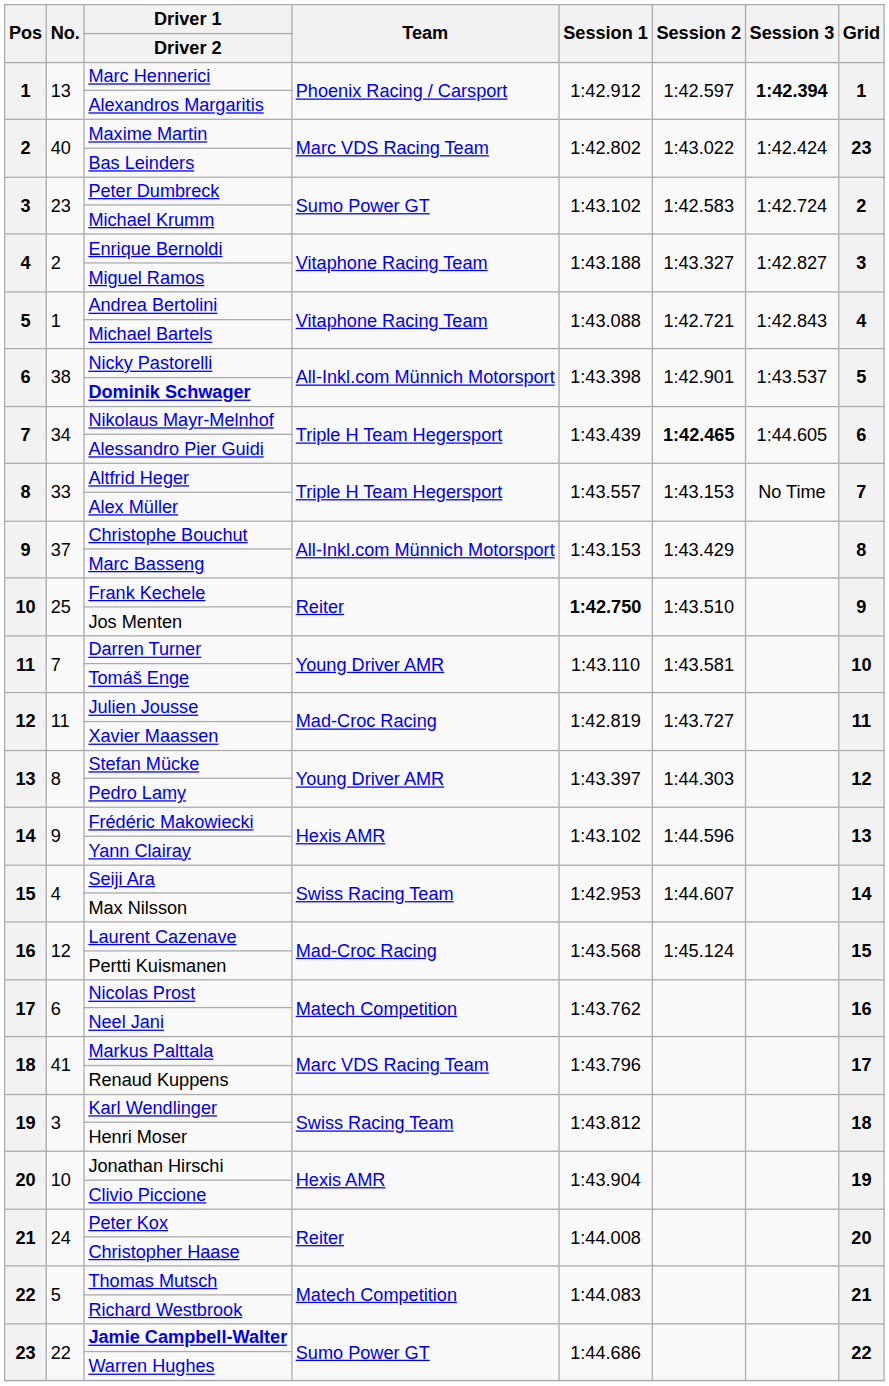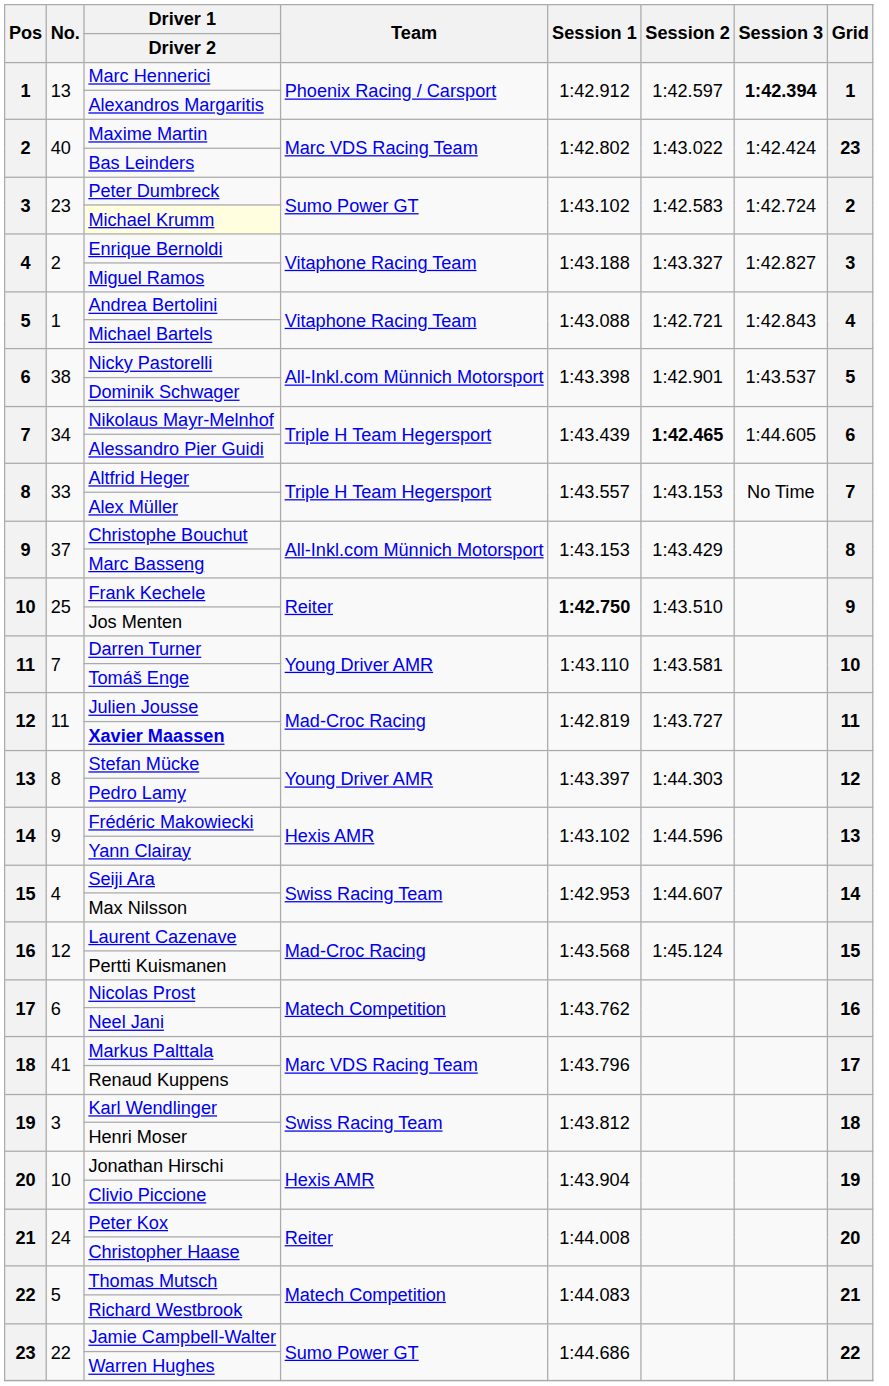 <table class="wikitable" style="font-size: 90%;">
 <tr>
 <th rowspan=2>Pos</th>
 <th rowspan=2>No.</th>
 <th>Driver 1</th>
 <th rowspan=2>Team</th>
 <th rowspan=2>Session 1</th>
 <th rowspan=2>Session 2</th>
 <th rowspan=2>Session 3</th>
 <th rowspan=2>Grid</th>
 </tr>
 <tr>
 <th>Driver 2</th>
 </tr>
 <tr>
 <th rowspan=2>1</th>
 <td rowspan=2>13</td>
 <td> <a href='#'>Marc Hennerici</a></td>
 <td rowspan=2> <a href='#'>Phoenix Racing / Carsport</a></td>
 <td rowspan=2 align="center">1:42.912</td>
 <td rowspan=2 align="center">1:42.597</td>
 <td rowspan=2 align="center"><strong>1:42.394</strong></td>
 <th rowspan=2>1</th>
 </tr>
 <tr>
 <td> <a href='#'>Alexandros Margaritis</a></td>
 </tr>
 <tr>
 <th rowspan=2>2</th>
 <td rowspan=2>40</td>
 <td> <a href='#'>Maxime Martin</a></td>
 <td rowspan=2> <a href='#'>Marc VDS Racing Team</a></td>
 <td rowspan=2 align="center">1:42.802</td>
 <td rowspan=2 align="center">1:43.022</td>
 <td rowspan=2 align="center">1:42.424</td>
 <th rowspan=2>23</th>
 </tr>
 <tr>
 <td> <a href='#'>Bas Leinders</a></td>
 </tr>
 <tr>
 <th rowspan=2>3</th>
 <td rowspan=2>23</td>
 <td> <a href='#'>Peter Dumbreck</a></td>
 <td rowspan=2> <a href='#'>Sumo Power GT</a></td>
 <td rowspan=2 align="center">1:43.102</td>
 <td rowspan=2 align="center">1:42.583</td>
 <td rowspan=2 align="center">1:42.724</td>
 <th rowspan=2>2</th>
 </tr>
 <tr>
-<td> <a href='#'>Michael Krumm</a></td>
+<td style="background: lightyellow;"> <a href='#'>Michael Krumm</a></td>
 </tr>
 <tr>
 <th rowspan=2>4</th>
 <td rowspan=2>2</td>
 <td> <a href='#'>Enrique Bernoldi</a></td>
 <td rowspan=2> <a href='#'>Vitaphone Racing Team</a></td>
 <td rowspan=2 align="center">1:43.188</td>
 <td rowspan=2 align="center">1:43.327</td>
 <td rowspan=2 align="center">1:42.827</td>
 <th rowspan=2>3</th>
 </tr>
 <tr>
 <td> <a href='#'>Miguel Ramos</a></td>
 </tr>
 <tr>
 <th rowspan=2>5</th>
 <td rowspan=2>1</td>
 <td> <a href='#'>Andrea Bertolini</a></td>
 <td rowspan=2> <a href='#'>Vitaphone Racing Team</a></td>
 <td rowspan=2 align="center">1:43.088</td>
 <td rowspan=2 align="center">1:42.721</td>
 <td rowspan=2 align="center">1:42.843</td>
 <th rowspan=2>4</th>
 </tr>
 <tr>
 <td> <a href='#'>Michael Bartels</a></td>
 </tr>
 <tr>
 <th rowspan=2>6</th>
 <td rowspan=2>38</td>
 <td> <a href='#'>Nicky Pastorelli</a></td>
 <td rowspan=2> <a href='#'>All-Inkl.com Münnich Motorsport</a></td>
 <td rowspan=2 align="center">1:43.398</td>
 <td rowspan=2 align="center">1:42.901</td>
 <td rowspan=2 align="center">1:43.537</td>
 <th rowspan=2>5</th>
 </tr>
 <tr>
-<td><strong> <a href='#'>Dominik Schwager</a></strong></td>
+<td> <a href='#'>Dominik Schwager</a></td>
 </tr>
 <tr>
 <th rowspan=2>7</th>
 <td rowspan=2>34</td>
 <td> <a href='#'>Nikolaus Mayr-Melnhof</a></td>
 <td rowspan=2> <a href='#'>Triple H Team Hegersport</a></td>
 <td rowspan=2 align="center">1:43.439</td>
 <td rowspan=2 align="center"><strong>1:42.465</strong></td>
 <td rowspan=2 align="center">1:44.605</td>
 <th rowspan=2>6</th>
 </tr>
 <tr>
 <td> <a href='#'>Alessandro Pier Guidi</a></td>
 </tr>
 <tr>
 <th rowspan=2>8</th>
 <td rowspan=2>33</td>
 <td> <a href='#'>Altfrid Heger</a></td>
 <td rowspan=2> <a href='#'>Triple H Team Hegersport</a></td>
 <td rowspan=2 align="center">1:43.557</td>
 <td rowspan=2 align="center">1:43.153</td>
 <td rowspan=2 align="center">No Time</td>
 <th rowspan=2>7</th>
 </tr>
 <tr>
 <td> <a href='#'>Alex Müller</a></td>
 </tr>
 <tr>
 <th rowspan=2>9</th>
 <td rowspan=2>37</td>
 <td> <a href='#'>Christophe Bouchut</a></td>
 <td rowspan=2> <a href='#'>All-Inkl.com Münnich Motorsport</a></td>
 <td rowspan=2 align="center">1:43.153</td>
 <td rowspan=2 align="center">1:43.429</td>
 <td rowspan=2 align="center"></td>
 <th rowspan=2>8</th>
 </tr>
 <tr>
 <td> <a href='#'>Marc Basseng</a></td>
 </tr>
 <tr>
 <th rowspan=2>10</th>
 <td rowspan=2>25</td>
 <td> <a href='#'>Frank Kechele</a></td>
 <td rowspan=2> <a href='#'>Reiter</a></td>
 <td rowspan=2 align="center"><strong>1:42.750</strong></td>
 <td rowspan=2 align="center">1:43.510</td>
 <td rowspan=2 align="center"></td>
 <th rowspan=2>9</th>
 </tr>
 <tr>
 <td> Jos Menten</td>
 </tr>
 <tr>
 <th rowspan=2>11</th>
 <td rowspan=2>7</td>
 <td> <a href='#'>Darren Turner</a></td>
 <td rowspan=2> <a href='#'>Young Driver AMR</a></td>
 <td rowspan=2 align="center">1:43.110</td>
 <td rowspan=2 align="center">1:43.581</td>
 <td rowspan=2 align="center"></td>
 <th rowspan=2>10</th>
 </tr>
 <tr>
 <td> <a href='#'>Tomáš Enge</a></td>
 </tr>
 <tr>
 <th rowspan=2>12</th>
 <td rowspan=2>11</td>
 <td> <a href='#'>Julien Jousse</a></td>
 <td rowspan=2> <a href='#'>Mad-Croc Racing</a></td>
 <td rowspan=2 align="center">1:42.819</td>
 <td rowspan=2 align="center">1:43.727</td>
 <td rowspan=2 align="center"></td>
 <th rowspan=2>11</th>
 </tr>
 <tr>
-<td> <a href='#'>Xavier Maassen</a></td>
+<td><strong> <a href='#'>Xavier Maassen</a></strong></td>
 </tr>
 <tr>
 <th rowspan=2>13</th>
 <td rowspan=2>8</td>
 <td> <a href='#'>Stefan Mücke</a></td>
 <td rowspan=2> <a href='#'>Young Driver AMR</a></td>
 <td rowspan=2 align="center">1:43.397</td>
 <td rowspan=2 align="center">1:44.303</td>
 <td rowspan=2 align="center"></td>
 <th rowspan=2>12</th>
 </tr>
 <tr>
 <td> <a href='#'>Pedro Lamy</a></td>
 </tr>
 <tr>
 <th rowspan=2>14</th>
 <td rowspan=2>9</td>
 <td> <a href='#'>Frédéric Makowiecki</a></td>
 <td rowspan=2> <a href='#'>Hexis AMR</a></td>
 <td rowspan=2 align="center">1:43.102</td>
 <td rowspan=2 align="center">1:44.596</td>
 <td rowspan=2 align="center"></td>
 <th rowspan=2>13</th>
 </tr>
 <tr>
 <td> <a href='#'>Yann Clairay</a></td>
 </tr>
 <tr>
 <th rowspan=2>15</th>
 <td rowspan=2>4</td>
 <td> <a href='#'>Seiji Ara</a></td>
 <td rowspan=2> <a href='#'>Swiss Racing Team</a></td>
 <td rowspan=2 align="center">1:42.953</td>
 <td rowspan=2 align="center">1:44.607</td>
 <td rowspan=2 align="center"></td>
 <th rowspan=2>14</th>
 </tr>
 <tr>
 <td> Max Nilsson</td>
 </tr>
 <tr>
 <th rowspan=2>16</th>
 <td rowspan=2>12</td>
 <td> <a href='#'>Laurent Cazenave</a></td>
 <td rowspan=2> <a href='#'>Mad-Croc Racing</a></td>
 <td rowspan=2 align="center">1:43.568</td>
 <td rowspan=2 align="center">1:45.124</td>
 <td rowspan=2 align="center"></td>
 <th rowspan=2>15</th>
 </tr>
 <tr>
 <td> Pertti Kuismanen</td>
 </tr>
 <tr>
 <th rowspan=2>17</th>
 <td rowspan=2>6</td>
 <td> <a href='#'>Nicolas Prost</a></td>
 <td rowspan=2> <a href='#'>Matech Competition</a></td>
 <td rowspan=2 align="center">1:43.762</td>
 <td rowspan=2 align="center"></td>
 <td rowspan=2 align="center"></td>
 <th rowspan=2>16</th>
 </tr>
 <tr>
 <td> <a href='#'>Neel Jani</a></td>
 </tr>
 <tr>
 <th rowspan=2>18</th>
 <td rowspan=2>41</td>
 <td> <a href='#'>Markus Palttala</a></td>
 <td rowspan=2> <a href='#'>Marc VDS Racing Team</a></td>
 <td rowspan=2 align="center">1:43.796</td>
 <td rowspan=2 align="center"></td>
 <td rowspan=2 align="center"></td>
 <th rowspan=2>17</th>
 </tr>
 <tr>
 <td> Renaud Kuppens</td>
 </tr>
 <tr>
 <th rowspan=2>19</th>
 <td rowspan=2>3</td>
 <td> <a href='#'>Karl Wendlinger</a></td>
 <td rowspan=2> <a href='#'>Swiss Racing Team</a></td>
 <td rowspan=2 align="center">1:43.812</td>
 <td rowspan=2 align="center"></td>
 <td rowspan=2 align="center"></td>
 <th rowspan=2>18</th>
 </tr>
 <tr>
 <td> Henri Moser</td>
 </tr>
 <tr>
 <th rowspan=2>20</th>
 <td rowspan=2>10</td>
 <td> Jonathan Hirschi</td>
 <td rowspan=2> <a href='#'>Hexis AMR</a></td>
 <td rowspan=2 align="center">1:43.904</td>
 <td rowspan=2 align="center"></td>
 <td rowspan=2 align="center"></td>
 <th rowspan=2>19</th>
 </tr>
 <tr>
 <td> <a href='#'>Clivio Piccione</a></td>
 </tr>
 <tr>
 <th rowspan=2>21</th>
 <td rowspan=2>24</td>
 <td> <a href='#'>Peter Kox</a></td>
 <td rowspan=2> <a href='#'>Reiter</a></td>
 <td rowspan=2 align="center">1:44.008</td>
 <td rowspan=2 align="center"></td>
 <td rowspan=2 align="center"></td>
 <th rowspan=2>20</th>
 </tr>
 <tr>
 <td> <a href='#'>Christopher Haase</a></td>
 </tr>
 <tr>
 <th rowspan=2>22</th>
 <td rowspan=2>5</td>
 <td> <a href='#'>Thomas Mutsch</a></td>
 <td rowspan=2> <a href='#'>Matech Competition</a></td>
 <td rowspan=2 align="center">1:44.083</td>
 <td rowspan=2 align="center"></td>
 <td rowspan=2 align="center"></td>
 <th rowspan=2>21</th>
 </tr>
 <tr>
 <td> <a href='#'>Richard Westbrook</a></td>
 </tr>
 <tr>
 <th rowspan=2>23</th>
 <td rowspan=2>22</td>
-<td><strong> <a href='#'>Jamie Campbell-Walter</a></strong></td>
+<td> <a href='#'>Jamie Campbell-Walter</a></td>
 <td rowspan=2> <a href='#'>Sumo Power GT</a></td>
 <td rowspan=2 align="center">1:44.686</td>
 <td rowspan=2 align="center"></td>
 <td rowspan=2 align="center"></td>
 <th rowspan=2>22</th>
 </tr>
 <tr>
 <td> <a href='#'>Warren Hughes</a></td>
 </tr>
 <tr>
 </tr>
 </table>
